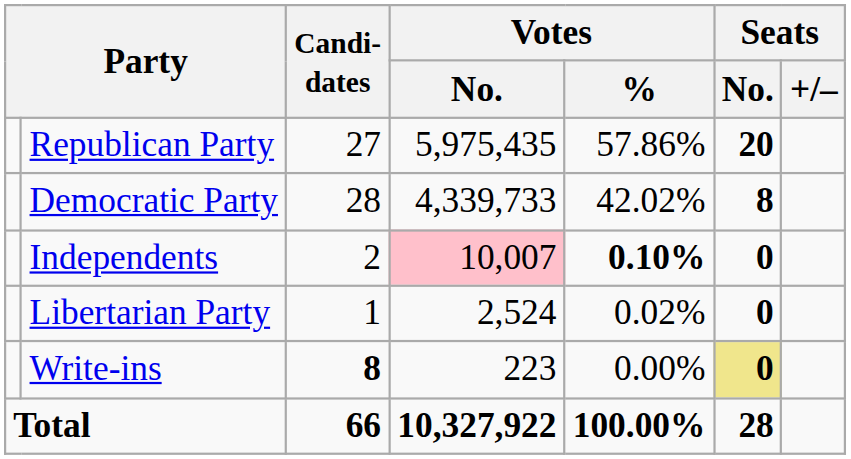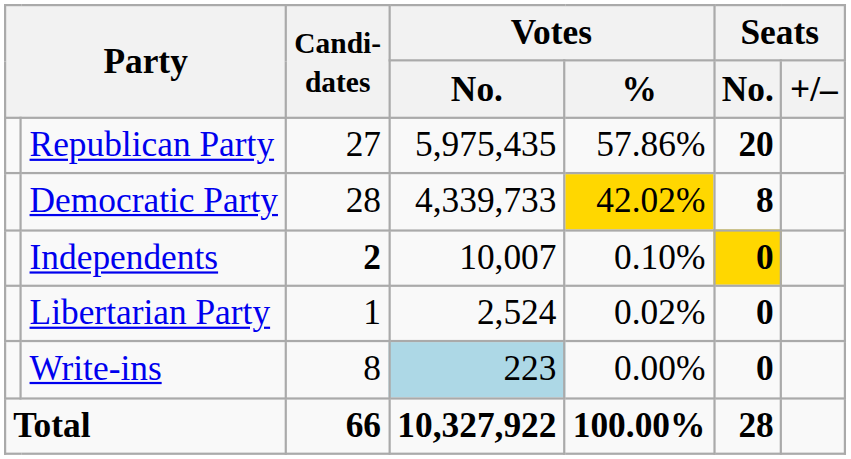 <table class="wikitable" style="font-size:100%; text-align:right;">
 <tr>
 <th colspan=2 rowspan=2>Party</th>
 <th rowspan=2><small>Candi-<br>dates</small></th>
 <th colspan=2>Votes</th>
 <th colspan=2>Seats</th>
 </tr>
 <tr>
 <th>No.</th>
 <th>%</th>
 <th>No.</th>
 <th>+/–</th>
 </tr>
 <tr>
 <td style="background:"></td>
 <td align=left><a href='#'>Republican Party</a></td>
 <td>27</td>
 <td>5,975,435</td>
 <td>57.86%</td>
 <td><strong>20</strong></td>
 <td></td>
 </tr>
 <tr>
 <td style="background:"></td>
 <td align=left><a href='#'>Democratic Party</a></td>
 <td>28</td>
 <td>4,339,733</td>
-<td>42.02%</td>
+<td style="background: gold;">42.02%</td>
 <td><strong>8</strong></td>
 <td></td>
 </tr>
 <tr>
 <td style="background:"></td>
 <td align=left><a href='#'>Independents</a></td>
-<td>2</td>
-<td style="background: pink;">10,007</td>
-<td><strong>0.10%</strong></td>
-<td><strong>0</strong></td>
+<td><strong>2</strong></td>
+<td>10,007</td>
+<td>0.10%</td>
+<td style="background: gold;"><strong>0</strong></td>
 <td></td>
 </tr>
 <tr>
 <td style="background:"></td>
 <td align=left><a href='#'>Libertarian Party</a></td>
 <td>1</td>
 <td>2,524</td>
 <td>0.02%</td>
 <td><strong>0</strong></td>
 <td></td>
 </tr>
 <tr>
 <td style="background:"></td>
 <td align=left><a href='#'>Write-ins</a></td>
-<td><strong>8</strong></td>
-<td>223</td>
+<td>8</td>
+<td style="background: lightblue;">223</td>
 <td>0.00%</td>
-<td style="background: khaki;"><strong>0</strong></td>
+<td><strong>0</strong></td>
 <td></td>
 </tr>
 <tr style="font-weight:bold">
 <td colspan=2 align=left>Total</td>
 <td>66</td>
 <td>10,327,922</td>
 <td>100.00%</td>
 <td>28</td>
 <td></td>
 </tr>
 </table>
